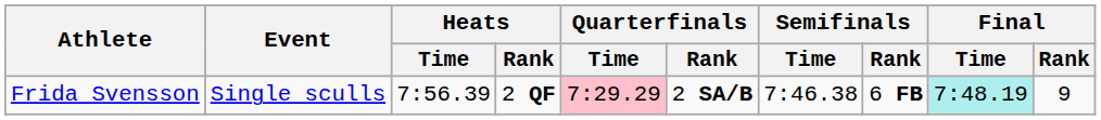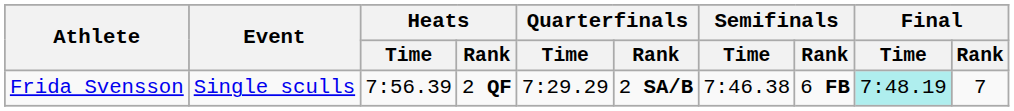 <table class="wikitable" style="font-size:90%">
 <tr>
 <th rowspan="2">Athlete</th>
 <th rowspan="2">Event</th>
 <th colspan="2">Heats</th>
 <th colspan="2">Quarterfinals</th>
 <th colspan="2">Semifinals</th>
 <th colspan="2">Final</th>
 </tr>
 <tr style="font-size:95%">
 <th>Time</th>
 <th>Rank</th>
 <th>Time</th>
 <th>Rank</th>
 <th>Time</th>
 <th>Rank</th>
 <th>Time</th>
 <th>Rank</th>
 </tr>
 <tr align=center>
 <td align=left><a href='#'>Frida Svensson</a></td>
 <td align=left><a href='#'>Single sculls</a></td>
 <td>7:56.39</td>
 <td>2 <strong>QF</strong></td>
-<td style="background: pink;">7:29.29</td>
+<td>7:29.29</td>
 <td>2 <strong>SA/B</strong></td>
 <td>7:46.38</td>
 <td>6 <strong>FB</strong></td>
 <td style="background: paleturquoise;">7:48.19</td>
-<td>9</td>
+<td>7</td>
 </tr>
 </table>
